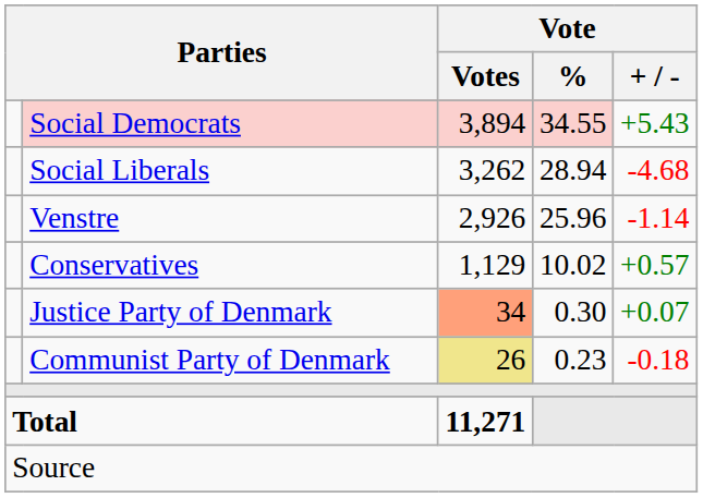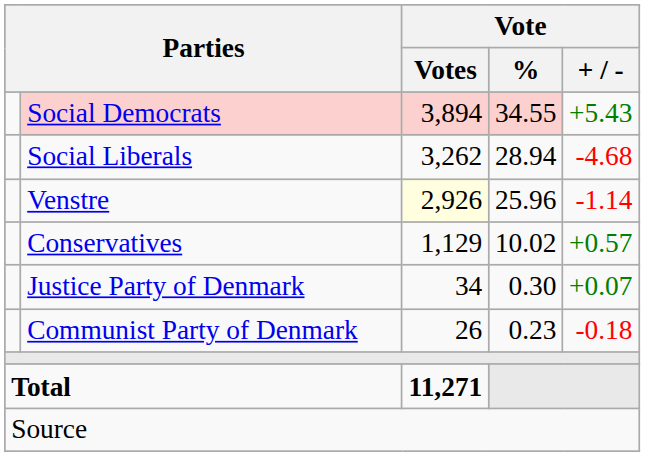 <table class="wikitable" style="text-align:right;">
 <tr>
 <th style="text-align:centre;" rowspan="2" colspan="2" width="225">Parties</th>
 <th colspan="3">Vote</th>
 </tr>
 <tr>
 <th width="15">Votes</th>
 <th width="15">%</th>
 <th width="15">+ / -</th>
 </tr>
 <tr>
 <td width="2" style="color:inherit;background:"></td>
 <td bgcolor=#fbd0ce  align="left"><a href='#'>Social Democrats</a></td>
 <td bgcolor=#fbd0ce>3,894</td>
 <td bgcolor=#fbd0ce>34.55</td>
 <td style=color:green;>+5.43</td>
 </tr>
 <tr>
 <td width="2" style="color:inherit;background:"></td>
 <td align="left"><a href='#'>Social Liberals</a></td>
 <td>3,262</td>
 <td>28.94</td>
 <td style=color:red;>-4.68</td>
 </tr>
 <tr>
 <td width="2" style="color:inherit;background:"></td>
 <td align="left"><a href='#'>Venstre</a></td>
-<td>2,926</td>
+<td style="background: lightyellow;">2,926</td>
 <td>25.96</td>
 <td style=color:red;>-1.14</td>
 </tr>
 <tr>
 <td width="2" style="color:inherit;background:"></td>
 <td align="left"><a href='#'>Conservatives</a></td>
 <td>1,129</td>
 <td>10.02</td>
 <td style=color:green;>+0.57</td>
 </tr>
 <tr>
 <td width="2" style="color:inherit;background:"></td>
 <td align="left"><a href='#'>Justice Party of Denmark</a></td>
-<td style="background: lightsalmon;">34</td>
+<td>34</td>
 <td>0.30</td>
 <td style=color:green;>+0.07</td>
 </tr>
 <tr>
 <td width="2" style="color:inherit;background:"></td>
 <td align="left"><a href='#'>Communist Party of Denmark</a></td>
-<td style="background: khaki;">26</td>
+<td>26</td>
 <td>0.23</td>
 <td style=color:red;>-0.18</td>
 </tr>
 <tr>
 <td colspan="7" bgcolor="#E9E9E9"></td>
 </tr>
 <tr>
 <td align="left" colspan="2"><strong>Total</strong></td>
 <td><strong>11,271</strong></td>
 <td bgcolor="#E9E9E9" colspan="2"></td>
 </tr>
 <tr>
 <td align="left" colspan="6">Source</td>
 </tr>
 </table>
